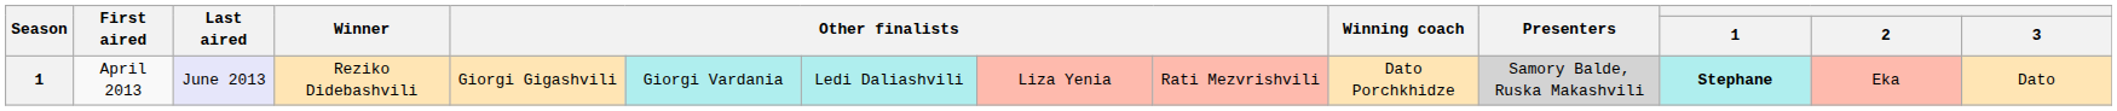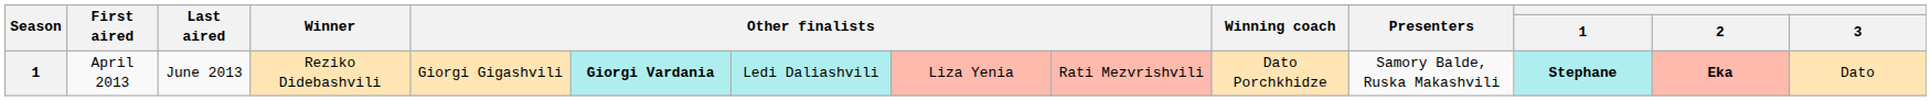 <table class="wikitable" style="text-align:center; font-size:90%; line-height:16px; width:100%">
 <tr>
 <th width="1%" rowspan="2" scope="col">Season</th>
 <th width="4%" rowspan="2" scope="col">First aired</th>
 <th width="4%" rowspan="2" scope="col">Last aired</th>
 <th width="7%" rowspan="2" scope="col">Winner</th>
 <th width="35%" rowspan="2" colspan="5">Other finalists</th>
 <th width="6%" rowspan="2" scope="col">Winning coach</th>
 <th width="6%" rowspan="2" scope="col">Presenters</th>
 <th width="24%" scope="row" colspan="3"></th>
 </tr>
 <tr>
 <th width="6%">1</th>
 <th width="6%">2</th>
 <th width="6%">3</th>
 </tr>
 <tr>
 <th scope="row">1</th>
 <td>April 2013</td>
-<td style="background: lavender;">June 2013</td>
+<td>June 2013</td>
 <td style="background:#ffe5b4">Reziko Didebashvili</td>
 <td style="background:#ffe5b4; width:7%">Giorgi Gigashvili</td>
-<td style="background:#afeeee; width:7%">Giorgi Vardania</td>
+<td style="background:#afeeee; width:7%"><strong>Giorgi Vardania</strong></td>
 <td style="background:#afeeee; width:7%">Ledi Daliashvili</td>
 <td style="background:#febaad; width:7%">Liza Yenia</td>
 <td style="background:#febaad; width:7%">Rati Mezvrishvili</td>
 <td style="background:#ffe5b4">Dato Porchkhidze</td>
-<td nowrap style="background: lightgrey;">Samory Balde,<br>Ruska Makashvili</td>
+<td nowrap>Samory Balde,<br>Ruska Makashvili</td>
 <td style="background:#afeeee"><strong>Stephane</strong></td>
-<td style="background:#febaad">Eka</td>
+<td style="background:#febaad"><strong>Eka</strong></td>
 <td style="background:#ffe5b4">Dato</td>
 </tr>
 </table>
